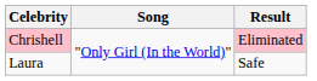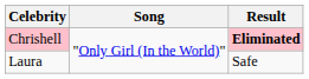 <table class="wikitable sortable collapsed">
 <tr>
 <th>Celebrity</th>
 <th>Song</th>
 <th>Result</th>
 </tr>
 <tr>
 <td style="background:pink;">Chrishell</td>
 <td rowspan=2>"<a href='#'>Only Girl (In the World)</a>"</td>
-<td style="background:pink;">Eliminated</td>
+<td style="background:pink;"><strong>Eliminated</strong></td>
 </tr>
 <tr>
 <td>Laura</td>
 <td>Safe</td>
 </tr>
 </table>
